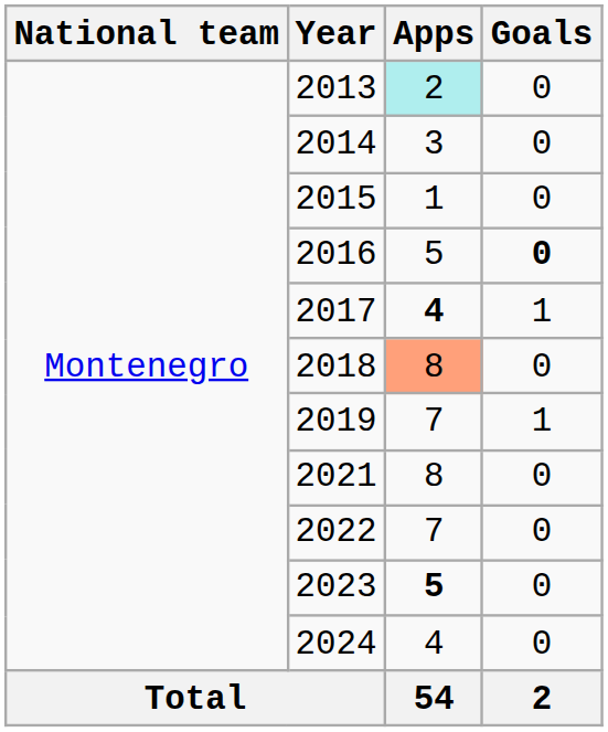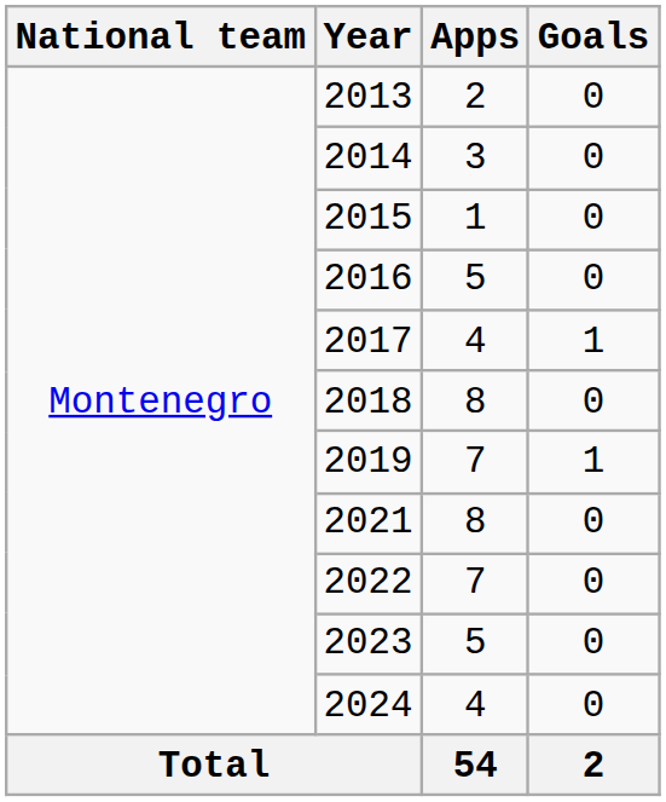 <table class="wikitable" style="text-align: center;">
 <tr>
 <th>National team</th>
 <th>Year</th>
 <th>Apps</th>
 <th>Goals</th>
 </tr>
 <tr>
 <td rowspan="11" valign="center"><a href='#'>Montenegro</a></td>
 <td>2013</td>
-<td style="background: paleturquoise;">2</td>
+<td>2</td>
 <td>0</td>
 </tr>
 <tr>
 <td>2014</td>
 <td>3</td>
 <td>0</td>
 </tr>
 <tr>
 <td>2015</td>
 <td>1</td>
 <td>0</td>
 </tr>
 <tr>
 <td>2016</td>
 <td>5</td>
-<td><strong>0</strong></td>
+<td>0</td>
 </tr>
 <tr>
 <td>2017</td>
-<td><strong>4</strong></td>
+<td>4</td>
 <td>1</td>
 </tr>
 <tr>
 <td>2018</td>
-<td style="background: lightsalmon;">8</td>
+<td>8</td>
 <td>0</td>
 </tr>
 <tr>
 <td>2019</td>
 <td>7</td>
 <td>1</td>
 </tr>
 <tr>
 <td>2021</td>
 <td>8</td>
 <td>0</td>
 </tr>
 <tr>
 <td>2022</td>
 <td>7</td>
 <td>0</td>
 </tr>
 <tr>
 <td>2023</td>
-<td><strong>5</strong></td>
+<td>5</td>
 <td>0</td>
 </tr>
 <tr>
 <td>2024</td>
 <td>4</td>
 <td>0</td>
 </tr>
 <tr>
 <th colspan="2">Total</th>
 <th>54</th>
 <th>2</th>
 </tr>
 </table>
